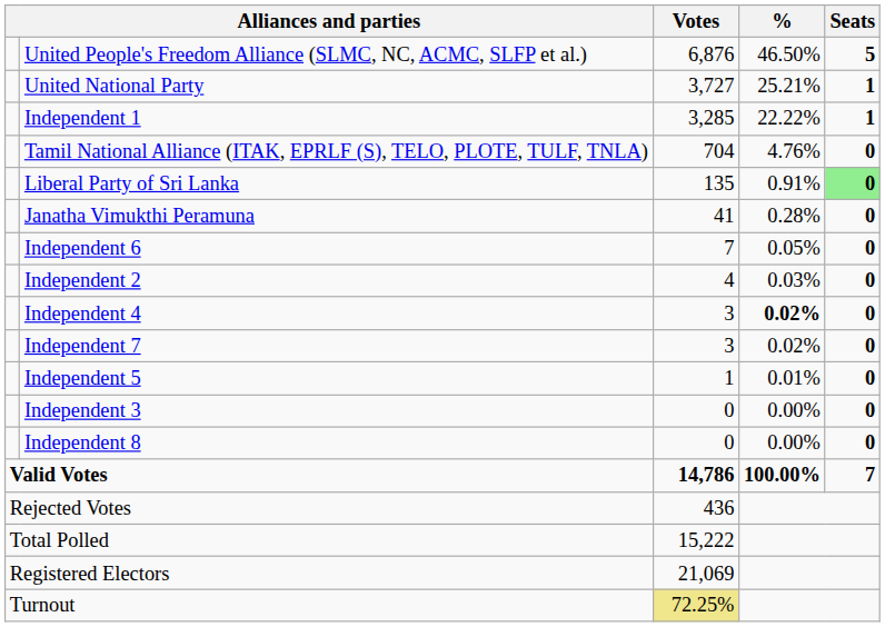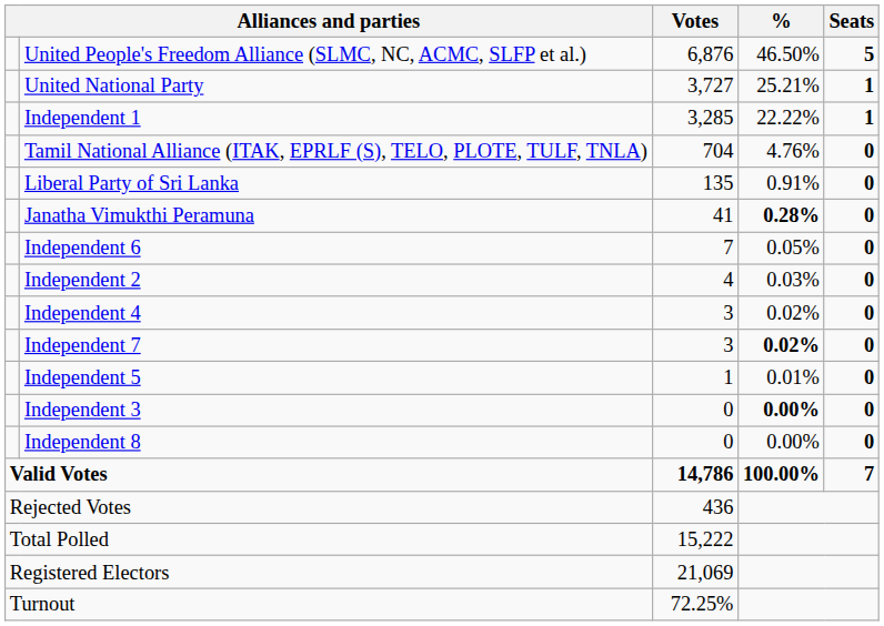 <table class="wikitable" border="1" style="text-align:right;">
 <tr>
 <th valign=bottom align=left colspan=2>Alliances and parties</th>
 <th valign=bottom align=center width="60">Votes</th>
 <th valign=bottom align=center width="50">%</th>
 <th valign=bottom align=center>Seats</th>
 </tr>
 <tr>
 <td bgcolor=> </td>
 <td align=left><a href='#'>United People's Freedom Alliance</a> (<a href='#'>SLMC</a>, NC, <a href='#'>ACMC</a>, <a href='#'>SLFP</a> et al.)</td>
 <td>6,876</td>
 <td>46.50%</td>
 <td><strong>5</strong></td>
 </tr>
 <tr>
 <td bgcolor=> </td>
 <td align=left><a href='#'>United National Party</a></td>
 <td>3,727</td>
 <td>25.21%</td>
 <td><strong>1</strong></td>
 </tr>
 <tr>
 <td></td>
 <td align=left><a href='#'>Independent 1</a></td>
 <td>3,285</td>
 <td>22.22%</td>
 <td><strong>1</strong></td>
 </tr>
 <tr>
 <td bgcolor=> </td>
 <td align=left><a href='#'>Tamil National Alliance</a> (<a href='#'>ITAK</a>, <a href='#'>EPRLF (S)</a>, <a href='#'>TELO</a>, <a href='#'>PLOTE</a>, <a href='#'>TULF</a>, <a href='#'>TNLA</a>)</td>
 <td>704</td>
 <td>4.76%</td>
 <td><strong>0</strong></td>
 </tr>
 <tr>
 <td></td>
 <td align=left><a href='#'>Liberal Party of Sri Lanka</a></td>
 <td>135</td>
 <td>0.91%</td>
-<td style="background: lightgreen;"><strong>0</strong></td>
+<td><strong>0</strong></td>
 </tr>
 <tr>
 <td bgcolor=> </td>
 <td align=left><a href='#'>Janatha Vimukthi Peramuna</a></td>
 <td>41</td>
-<td>0.28%</td>
+<td><strong>0.28%</strong></td>
 <td><strong>0</strong></td>
 </tr>
 <tr>
 <td></td>
 <td align=left><a href='#'>Independent 6</a></td>
 <td>7</td>
 <td>0.05%</td>
 <td><strong>0</strong></td>
 </tr>
 <tr>
 <td></td>
 <td align=left><a href='#'>Independent 2</a></td>
 <td>4</td>
 <td>0.03%</td>
 <td><strong>0</strong></td>
 </tr>
 <tr>
 <td></td>
 <td align=left><a href='#'>Independent 4</a></td>
 <td>3</td>
-<td><strong>0.02%</strong></td>
+<td>0.02%</td>
 <td><strong>0</strong></td>
 </tr>
 <tr>
 <td></td>
 <td align=left><a href='#'>Independent 7</a></td>
 <td>3</td>
-<td>0.02%</td>
+<td><strong>0.02%</strong></td>
 <td><strong>0</strong></td>
 </tr>
 <tr>
 <td></td>
 <td align=left><a href='#'>Independent 5</a></td>
 <td>1</td>
 <td>0.01%</td>
 <td><strong>0</strong></td>
 </tr>
 <tr>
 <td></td>
 <td align=left><a href='#'>Independent 3</a></td>
 <td>0</td>
-<td>0.00%</td>
+<td><strong>0.00%</strong></td>
 <td><strong>0</strong></td>
 </tr>
 <tr>
 <td></td>
 <td align=left><a href='#'>Independent 8</a></td>
 <td>0</td>
 <td>0.00%</td>
 <td><strong>0</strong></td>
 </tr>
 <tr>
 <td colspan=2 align=left><strong>Valid Votes</strong></td>
 <td><strong>14,786</strong></td>
 <td><strong>100.00%</strong></td>
 <td><strong>7</strong></td>
 </tr>
 <tr>
 <td colspan=2 align=left>Rejected Votes</td>
 <td>436</td>
 <td colspan=2></td>
 </tr>
 <tr>
 <td colspan=2 align=left>Total Polled</td>
 <td>15,222</td>
 <td colspan=2></td>
 </tr>
 <tr>
 <td colspan=2 align=left>Registered Electors</td>
 <td>21,069</td>
 <td colspan=2></td>
 </tr>
 <tr>
 <td colspan=2 align=left>Turnout</td>
-<td style="background: khaki;">72.25%</td>
+<td>72.25%</td>
 <td colspan=2></td>
 </tr>
 </table>
